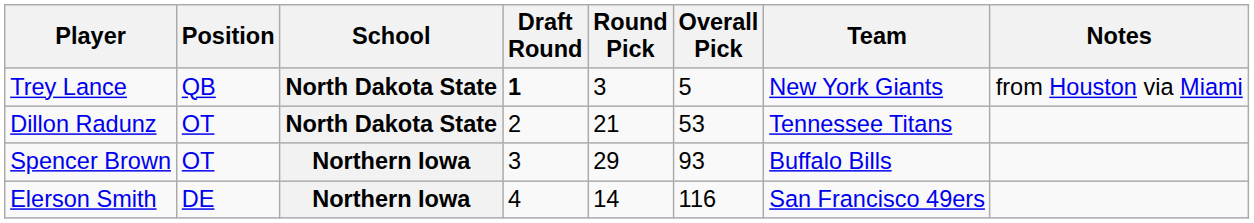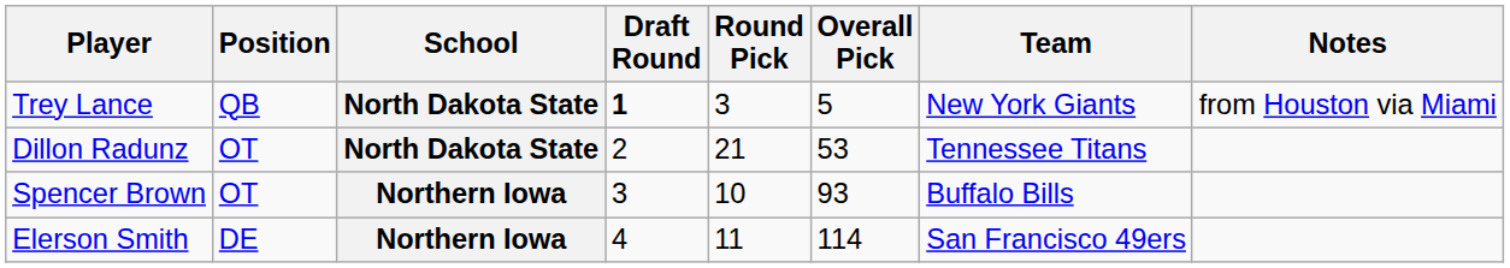 <table class="wikitable sortable" border="1">
 <tr>
 <th>Player</th>
 <th>Position</th>
 <th>School</th>
 <th>Draft<br>Round</th>
 <th>Round<br>Pick</th>
 <th>Overall<br>Pick</th>
 <th>Team</th>
 <th>Notes</th>
 </tr>
 <tr>
 <td><a href='#'>Trey Lance</a></td>
 <td><a href='#'>QB</a></td>
 <th>North Dakota State</th>
 <td><strong>1</strong></td>
 <td>3</td>
 <td>5</td>
 <td><a href='#'>New York Giants</a></td>
 <td>from <a href='#'>Houston</a> via <a href='#'>Miami</a></td>
 </tr>
 <tr>
 <td><a href='#'>Dillon Radunz</a></td>
 <td><a href='#'>OT</a></td>
 <th>North Dakota State</th>
 <td>2</td>
 <td>21</td>
 <td>53</td>
 <td><a href='#'>Tennessee Titans</a></td>
 <td></td>
 </tr>
 <tr>
 <td><a href='#'>Spencer Brown</a></td>
 <td><a href='#'>OT</a></td>
 <th>Northern Iowa</th>
 <td>3</td>
-<td>29</td>
+<td>10</td>
 <td>93</td>
 <td><a href='#'>Buffalo Bills</a></td>
 <td></td>
 </tr>
 <tr>
 <td><a href='#'>Elerson Smith</a></td>
 <td><a href='#'>DE</a></td>
 <th>Northern Iowa</th>
 <td>4</td>
-<td>14</td>
-<td>116</td>
+<td>11</td>
+<td>114</td>
 <td><a href='#'>San Francisco 49ers</a></td>
 <td></td>
 </tr>
 </table>
